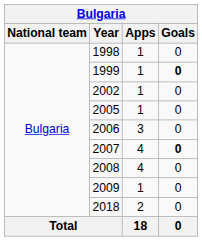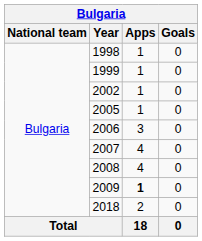 <table class="wikitable" style="text-align:center">
 <tr>
 <th colspan=6><a href='#'>Bulgaria</a></th>
 </tr>
 <tr>
 <th>National team</th>
 <th>Year</th>
 <th>Apps</th>
 <th>Goals</th>
 </tr>
 <tr>
 <td rowspan="9"><a href='#'>Bulgaria</a></td>
 <td>1998</td>
 <td>1</td>
 <td>0</td>
 </tr>
 <tr>
 <td>1999</td>
 <td>1</td>
-<td><strong>0</strong></td>
+<td>0</td>
 </tr>
 <tr>
 <td>2002</td>
 <td>1</td>
 <td>0</td>
 </tr>
 <tr>
 <td>2005</td>
 <td>1</td>
 <td>0</td>
 </tr>
 <tr>
 <td>2006</td>
 <td>3</td>
 <td>0</td>
 </tr>
 <tr>
 <td>2007</td>
 <td>4</td>
-<td><strong>0</strong></td>
+<td>0</td>
 </tr>
 <tr>
 <td>2008</td>
 <td>4</td>
 <td>0</td>
 </tr>
 <tr>
 <td>2009</td>
-<td>1</td>
+<td><strong>1</strong></td>
 <td>0</td>
 </tr>
 <tr>
 <td>2018</td>
 <td>2</td>
 <td>0</td>
 </tr>
 <tr>
 <th colspan="2">Total</th>
 <th>18</th>
 <th>0</th>
 </tr>
 </table>
